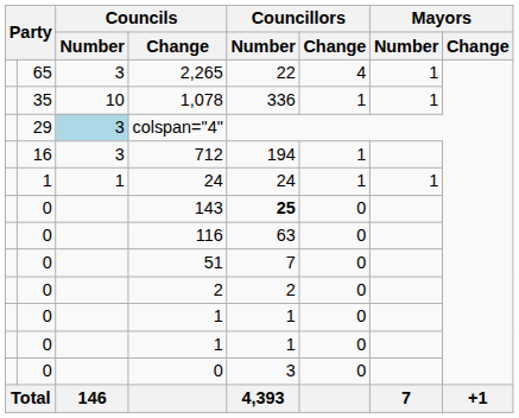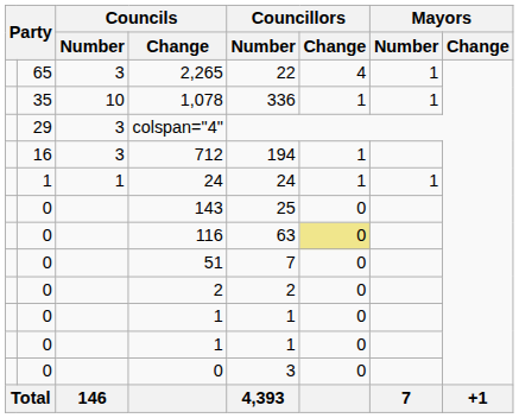 <table class="wikitable" style="text-align:right;">
 <tr>
 <th rowspan=2 colspan=2>Party</th>
 <th colspan=2>Councils</th>
 <th colspan=2>Councillors</th>
 <th colspan=2>Mayors</th>
 </tr>
 <tr>
 <th>Number</th>
 <th>Change</th>
 <th>Number</th>
 <th>Change</th>
 <th>Number</th>
 <th>Change</th>
 </tr>
 <tr>
 <td></td>
 <td>65</td>
 <td> 3</td>
 <td>2,265</td>
 <td> 22</td>
 <td>4</td>
 <td> 1</td>
 </tr>
 <tr>
 <td></td>
 <td>35</td>
 <td> 10</td>
 <td>1,078</td>
 <td> 336</td>
 <td>1</td>
 <td> 1</td>
 </tr>
 <tr>
 <td></td>
 <td>29</td>
-<td style="background: lightblue;"> 3</td>
+<td> 3</td>
 <td>colspan="4" </td>
 </tr>
 <tr>
 <td></td>
 <td>16</td>
 <td> 3</td>
 <td>712</td>
 <td> 194</td>
 <td>1</td>
 <td></td>
 </tr>
 <tr>
 <td></td>
 <td>1</td>
 <td> 1</td>
 <td>24</td>
 <td> 24</td>
 <td>1</td>
 <td> 1</td>
 </tr>
 <tr>
 <td></td>
 <td>0</td>
 <td></td>
 <td>143</td>
-<td><strong> 25</strong></td>
+<td> 25</td>
 <td>0</td>
 <td></td>
 </tr>
 <tr>
 <td></td>
 <td>0</td>
 <td></td>
 <td>116</td>
 <td> 63</td>
-<td>0</td>
+<td style="background: khaki;">0</td>
 <td></td>
 </tr>
 <tr>
 <td></td>
 <td>0</td>
 <td></td>
 <td>51</td>
 <td> 7</td>
 <td>0</td>
 <td></td>
 </tr>
 <tr>
 <td></td>
 <td>0</td>
 <td></td>
 <td>2</td>
 <td> 2</td>
 <td>0</td>
 <td></td>
 </tr>
 <tr>
 <td></td>
 <td>0</td>
 <td></td>
 <td>1</td>
 <td> 1</td>
 <td>0</td>
 <td></td>
 </tr>
 <tr>
 <td></td>
 <td>0</td>
 <td></td>
 <td>1</td>
 <td> 1</td>
 <td>0</td>
 <td></td>
 </tr>
 <tr>
 <td></td>
 <td>0</td>
 <td></td>
 <td>0</td>
 <td> 3</td>
 <td>0</td>
 <td></td>
 </tr>
 <tr>
 <th colspan=2>Total</th>
 <th>146</th>
 <th></th>
 <th>4,393</th>
 <th></th>
 <th>7</th>
 <th>+1</th>
 </tr>
 </table>
